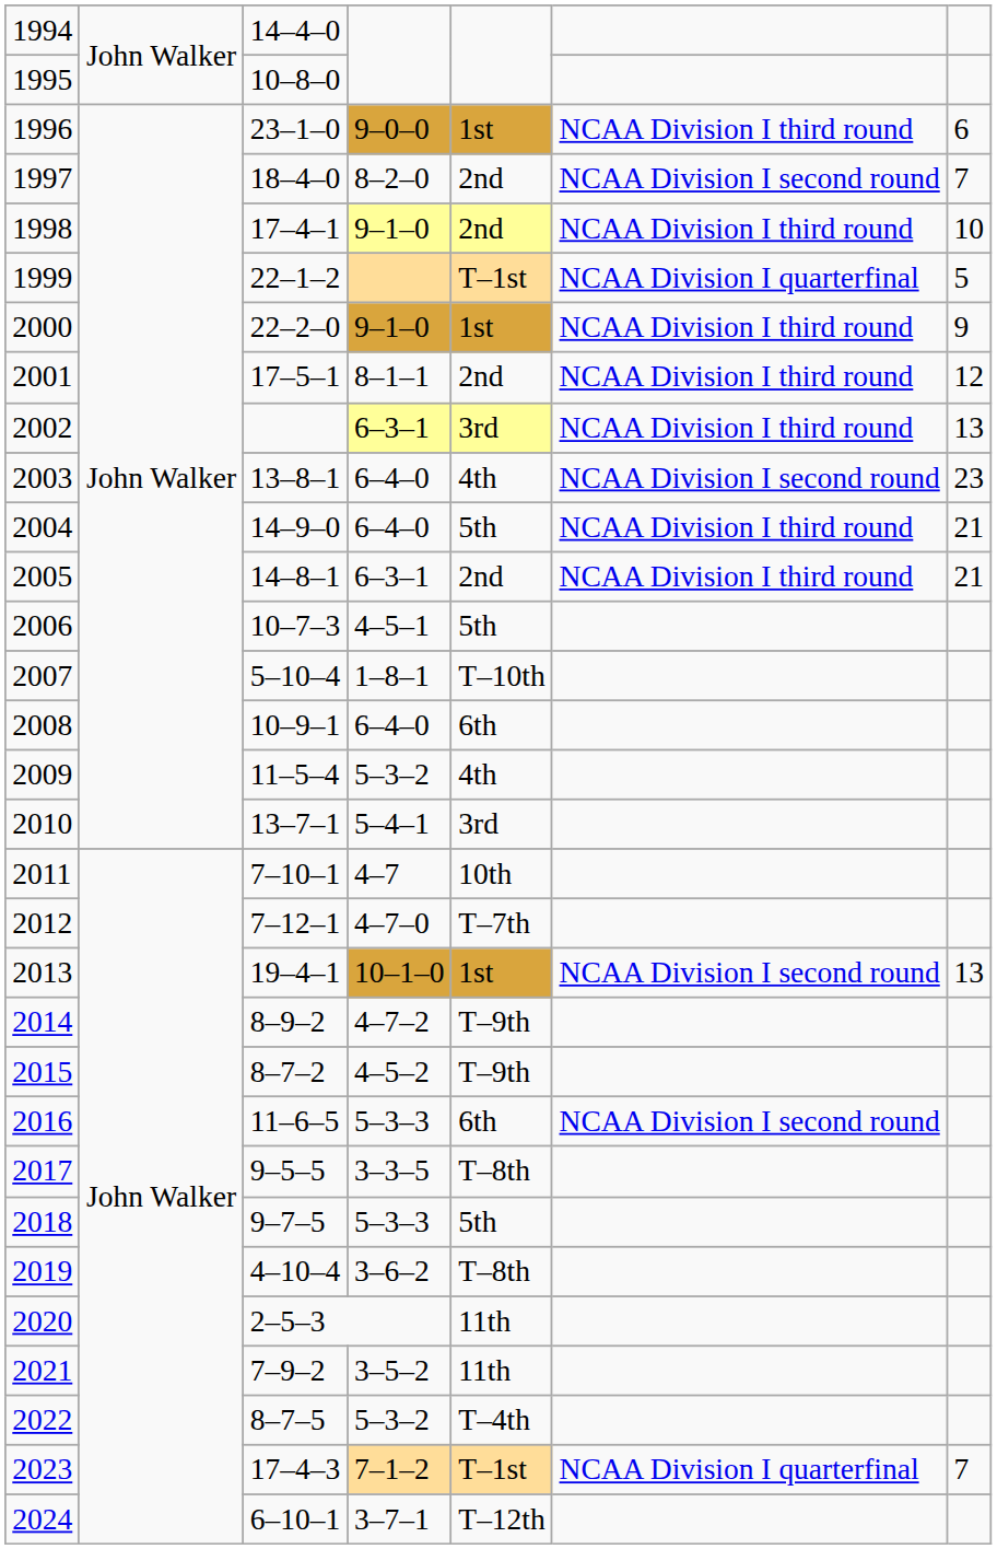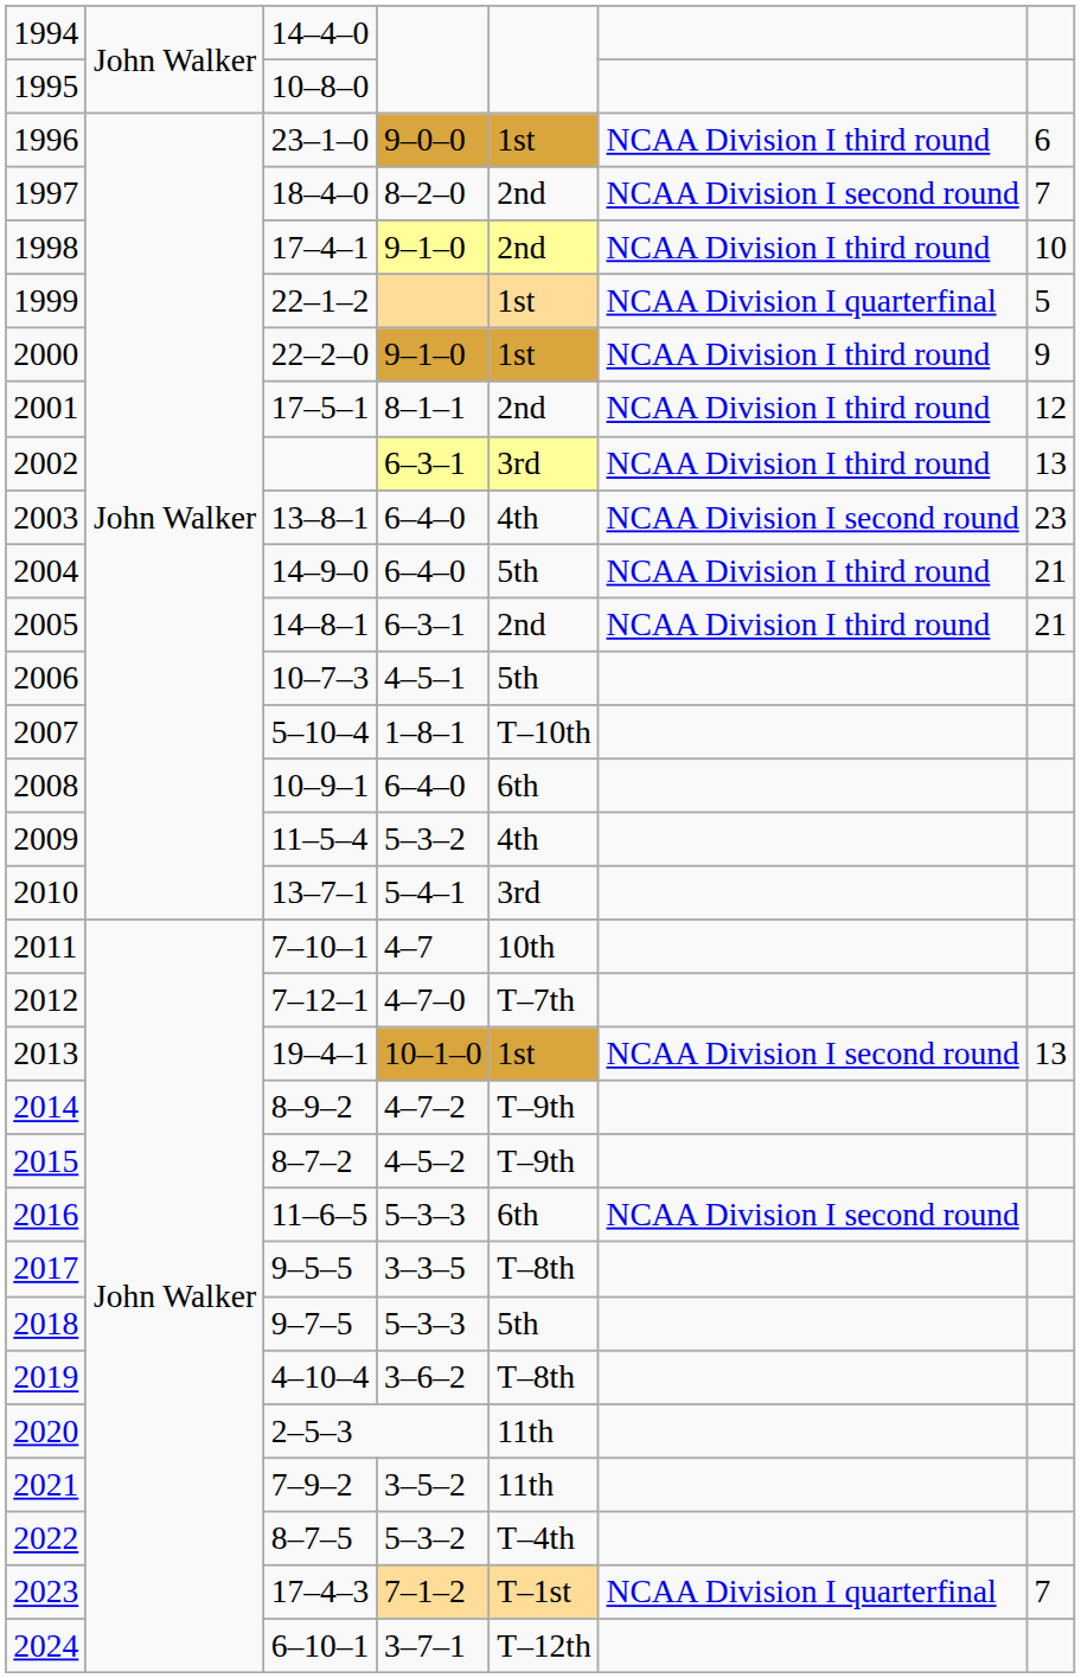 <table class=wikitable style="font-size: 95%;">
 <tr>
 <td>1994</td>
 <td rowspan=2>John Walker</td>
 <td>14–4–0</td>
 <td rowspan=2></td>
 <td rowspan=2></td>
 <td></td>
 <td></td>
 </tr>
 <tr>
 <td>1995</td>
 <td>10–8–0</td>
 <td></td>
 <td><br></td>
 </tr>
 <tr>
 <td>1996</td>
 <td rowspan=15>John Walker</td>
 <td>23–1–0</td>
 <td bgcolor=d9a53d>9–0–0</td>
 <td bgcolor=d9a53d>1st</td>
 <td><a href='#'>NCAA Division I third round</a></td>
 <td>6</td>
 </tr>
 <tr>
 <td>1997</td>
 <td>18–4–0</td>
 <td>8–2–0</td>
 <td>2nd</td>
 <td><a href='#'>NCAA Division I second round</a></td>
 <td>7</td>
 </tr>
 <tr>
 <td>1998</td>
 <td>17–4–1</td>
 <td bgcolor=ffff99>9–1–0</td>
 <td bgcolor=ffff99>2nd</td>
 <td><a href='#'>NCAA Division I third round</a></td>
 <td>10</td>
 </tr>
 <tr>
 <td>1999</td>
 <td>22–1–2</td>
 <td bgcolor=ffdd99></td>
-<td bgcolor=ffdd99>T–1st</td>
+<td bgcolor=ffdd99>1st</td>
 <td><a href='#'>NCAA Division I quarterfinal</a></td>
 <td>5</td>
 </tr>
 <tr>
 <td>2000</td>
 <td>22–2–0</td>
 <td bgcolor=d9a53d>9–1–0</td>
 <td bgcolor=d9a53d>1st</td>
 <td><a href='#'>NCAA Division I third round</a></td>
 <td>9</td>
 </tr>
 <tr>
 <td>2001</td>
 <td>17–5–1</td>
 <td>8–1–1</td>
 <td>2nd</td>
 <td><a href='#'>NCAA Division I third round</a></td>
 <td>12</td>
 </tr>
 <tr>
 <td>2002</td>
 <td></td>
 <td bgcolor=ffff99>6–3–1</td>
 <td bgcolor=ffff99>3rd</td>
 <td><a href='#'>NCAA Division I third round</a></td>
 <td>13</td>
 </tr>
 <tr>
 <td>2003</td>
 <td>13–8–1</td>
 <td>6–4–0</td>
 <td>4th</td>
 <td><a href='#'>NCAA Division I second round</a></td>
 <td>23</td>
 </tr>
 <tr>
 <td>2004</td>
 <td>14–9–0</td>
 <td>6–4–0</td>
 <td>5th</td>
 <td><a href='#'>NCAA Division I third round</a></td>
 <td>21</td>
 </tr>
 <tr>
 <td>2005</td>
 <td>14–8–1</td>
 <td>6–3–1</td>
 <td>2nd</td>
 <td><a href='#'>NCAA Division I third round</a></td>
 <td>21</td>
 </tr>
 <tr>
 <td>2006</td>
 <td>10–7–3</td>
 <td>4–5–1</td>
 <td>5th</td>
 <td></td>
 <td></td>
 </tr>
 <tr>
 <td>2007</td>
 <td>5–10–4</td>
 <td>1–8–1</td>
 <td>T–10th</td>
 <td></td>
 <td></td>
 </tr>
 <tr>
 <td>2008</td>
 <td>10–9–1</td>
 <td>6–4–0</td>
 <td>6th</td>
 <td></td>
 <td></td>
 </tr>
 <tr>
 <td>2009</td>
 <td>11–5–4</td>
 <td>5–3–2</td>
 <td>4th</td>
 <td></td>
 <td></td>
 </tr>
 <tr>
 <td>2010</td>
 <td>13–7–1</td>
 <td>5–4–1</td>
 <td>3rd</td>
 <td></td>
 <td><br></td>
 </tr>
 <tr>
 <td>2011</td>
 <td rowspan=14>John Walker</td>
 <td>7–10–1</td>
 <td>4–7</td>
 <td>10th</td>
 <td></td>
 <td></td>
 </tr>
 <tr>
 <td>2012</td>
 <td>7–12–1</td>
 <td>4–7–0</td>
 <td>T–7th</td>
 <td></td>
 <td></td>
 </tr>
 <tr>
 <td>2013</td>
 <td>19–4–1</td>
 <td bgcolor=d9a53d>10–1–0</td>
 <td bgcolor=d9a53d>1st</td>
 <td><a href='#'>NCAA Division I second round</a></td>
 <td>13</td>
 </tr>
 <tr>
 <td><a href='#'>2014</a></td>
 <td>8–9–2</td>
 <td>4–7–2</td>
 <td>T–9th</td>
 <td></td>
 <td></td>
 </tr>
 <tr>
 <td><a href='#'>2015</a></td>
 <td>8–7–2</td>
 <td>4–5–2</td>
 <td>T–9th</td>
 <td></td>
 <td></td>
 </tr>
 <tr>
 <td><a href='#'>2016</a></td>
 <td>11–6–5</td>
 <td>5–3–3</td>
 <td>6th</td>
 <td><a href='#'>NCAA Division I second round</a></td>
 <td></td>
 </tr>
 <tr>
 <td><a href='#'>2017</a></td>
 <td>9–5–5</td>
 <td>3–3–5</td>
 <td>T–8th</td>
 <td></td>
 <td></td>
 </tr>
 <tr>
 <td><a href='#'>2018</a></td>
 <td>9–7–5</td>
 <td>5–3–3</td>
 <td>5th</td>
 <td></td>
 <td></td>
 </tr>
 <tr>
 <td><a href='#'>2019</a></td>
 <td>4–10–4</td>
 <td>3–6–2</td>
 <td>T–8th</td>
 <td></td>
 <td></td>
 </tr>
 <tr>
 <td><a href='#'>2020</a></td>
 <td colspan=2>2–5–3</td>
 <td>11th</td>
 <td></td>
 <td></td>
 </tr>
 <tr>
 <td><a href='#'>2021</a></td>
 <td>7–9–2</td>
 <td>3–5–2</td>
 <td>11th</td>
 <td></td>
 <td></td>
 </tr>
 <tr>
 <td><a href='#'>2022</a></td>
 <td>8–7–5</td>
 <td>5–3–2</td>
 <td>T–4th</td>
 <td></td>
 <td></td>
 </tr>
 <tr>
 <td><a href='#'>2023</a></td>
 <td>17–4–3</td>
 <td bgcolor=ffdd99>7–1–2</td>
 <td bgcolor=ffdd99>T–1st</td>
 <td><a href='#'>NCAA Division I quarterfinal</a></td>
 <td>7</td>
 </tr>
 <tr>
 <td><a href='#'>2024</a></td>
 <td>6–10–1</td>
 <td>3–7–1</td>
 <td>T–12th</td>
 <td></td>
 <td></td>
 </tr>
 </table>
